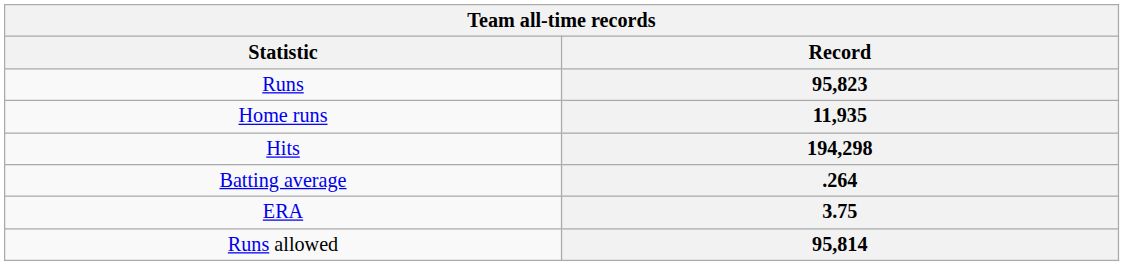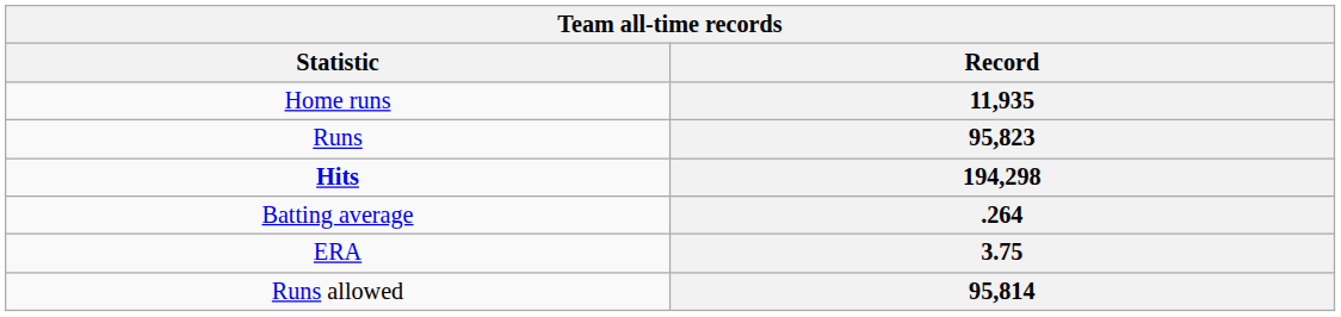 <table class="wikitable sortable" style="text-align:center" width="70%">
 <tr>
 <th colspan=2>Team all-time records</th>
 </tr>
 <tr>
 <th scope="col" width=20%>Statistic</th>
 <th scope="col" class="unsortable" width=20%>Record</th>
 </tr>
 <tr>
+<td><a href='#'>Home runs</a></td>
+<th scope="row">11,935</th>
+</tr>
+<tr>
 <td><a href='#'>Runs</a></td>
 <th scope="row">95,823</th>
 </tr>
 <tr>
-<td><a href='#'>Home runs</a></td>
-<th scope="row">11,935</th>
-</tr>
-<tr>
-<td><a href='#'>Hits</a></td>
+<td><strong><a href='#'>Hits</a></strong></td>
 <th scope="row">194,298</th>
 </tr>
 <tr>
 <td><a href='#'>Batting average</a></td>
 <th scope="row">.264</th>
 </tr>
 <tr>
 <td><a href='#'>ERA</a></td>
 <th scope="row">3.75</th>
 </tr>
 <tr>
 <td><a href='#'>Runs</a> allowed</td>
 <th scope="row">95,814</th>
 </tr>
 </table>
